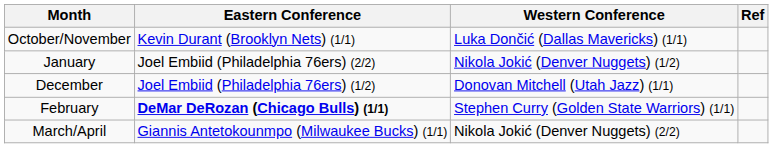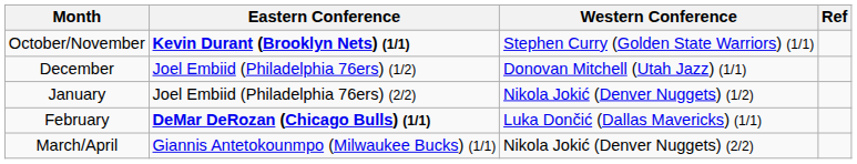 <table class="wikitable sortable" style="text-align:left;">
 <tr>
 <th>Month</th>
 <th>Eastern Conference</th>
 <th>Western Conference</th>
 <th class=unsortable>Ref</th>
 </tr>
 <tr>
 <td style="text-align:center;">October/November</td>
-<td><a href='#'>Kevin Durant</a> (<a href='#'>Brooklyn Nets</a>) <small>(1/1)</small></td>
-<td><a href='#'>Luka Dončić</a> (<a href='#'>Dallas Mavericks</a>) <small>(1/1)</small></td>
+<td><strong><a href='#'>Kevin Durant</a> (<a href='#'>Brooklyn Nets</a>) <small>(1/1)</small></strong></td>
+<td><a href='#'>Stephen Curry</a> (<a href='#'>Golden State Warriors</a>) <small>(1/1)</small></td>
+<td style="text-align:center;"></td>
+</tr>
+<tr>
+<td style="text-align:center;">December</td>
+<td><a href='#'>Joel Embiid</a> (<a href='#'>Philadelphia 76ers</a>) <small>(1/2)</small></td>
+<td><a href='#'>Donovan Mitchell</a> (<a href='#'>Utah Jazz</a>) <small>(1/1)</small></td>
 <td style="text-align:center;"></td>
 </tr>
 <tr>
 <td style="text-align:center;">January</td>
 <td>Joel Embiid (Philadelphia 76ers) <small>(2/2)</small></td>
 <td><a href='#'>Nikola Jokić</a> (<a href='#'>Denver Nuggets</a>) <small>(1/2)</small></td>
 <td style="text-align:center;"></td>
 </tr>
 <tr>
-<td style="text-align:center;">December</td>
-<td><a href='#'>Joel Embiid</a> (<a href='#'>Philadelphia 76ers</a>) <small>(1/2)</small></td>
-<td><a href='#'>Donovan Mitchell</a> (<a href='#'>Utah Jazz</a>) <small>(1/1)</small></td>
-<td style="text-align:center;"></td>
-</tr>
-<tr>
 <td style="text-align:center;">February</td>
 <td><strong><a href='#'>DeMar DeRozan</a> (<a href='#'>Chicago Bulls</a>) <small>(1/1)</small></strong></td>
-<td><a href='#'>Stephen Curry</a> (<a href='#'>Golden State Warriors</a>) <small>(1/1)</small></td>
+<td><a href='#'>Luka Dončić</a> (<a href='#'>Dallas Mavericks</a>) <small>(1/1)</small></td>
 <td style="text-align:center;"></td>
 </tr>
 <tr>
 <td style="text-align:center;'">March/April</td>
 <td><a href='#'>Giannis Antetokounmpo</a> (<a href='#'>Milwaukee Bucks</a>) <small>(1/1)</small></td>
 <td>Nikola Jokić (Denver Nuggets) <small>(2/2)</small></td>
 <td style="text-align:center;"></td>
 </tr>
 </table>
